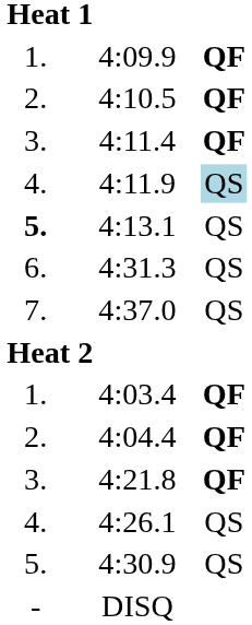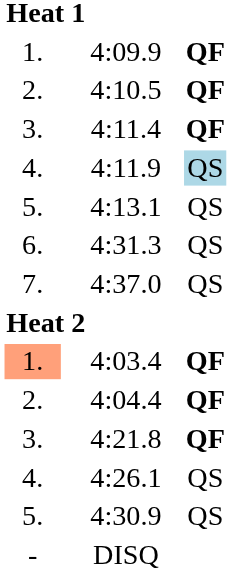 <table style="text-align:center">
 <tr>
 <td colspan=4 align=left><strong>Heat 1</strong></td>
 </tr>
 <tr>
 <td width=30>1.</td>
 <td align=left></td>
 <td width=60>4:09.9</td>
 <td><strong>QF</strong></td>
 </tr>
 <tr>
 <td>2.</td>
 <td align=left></td>
 <td>4:10.5</td>
 <td><strong>QF</strong></td>
 </tr>
 <tr>
 <td>3.</td>
 <td align=left></td>
 <td>4:11.4</td>
 <td><strong>QF</strong></td>
 </tr>
 <tr>
 <td>4.</td>
 <td align=left></td>
 <td>4:11.9</td>
 <td style="background: lightblue;">QS</td>
 </tr>
 <tr>
-<td><strong>5.</strong></td>
+<td>5.</td>
 <td align=left></td>
 <td>4:13.1</td>
 <td>QS</td>
 </tr>
 <tr>
 <td>6.</td>
 <td align=left></td>
 <td>4:31.3</td>
 <td>QS</td>
 </tr>
 <tr>
 <td>7.</td>
 <td align=left></td>
 <td>4:37.0</td>
 <td>QS</td>
 </tr>
 <tr>
 <td colspan=4 align=left><strong>Heat 2</strong></td>
 </tr>
 <tr>
-<td>1.</td>
+<td style="background: lightsalmon;">1.</td>
 <td align=left></td>
 <td>4:03.4</td>
 <td><strong>QF</strong></td>
 </tr>
 <tr>
 <td>2.</td>
 <td align=left></td>
 <td>4:04.4</td>
 <td><strong>QF</strong></td>
 </tr>
 <tr>
 <td>3.</td>
 <td align=left></td>
 <td>4:21.8</td>
 <td><strong>QF</strong></td>
 </tr>
 <tr>
 <td>4.</td>
 <td align=left></td>
 <td>4:26.1</td>
 <td>QS</td>
 </tr>
 <tr>
 <td>5.</td>
 <td align=left></td>
 <td>4:30.9</td>
 <td>QS</td>
 </tr>
 <tr>
 <td>-</td>
 <td align=left></td>
 <td>DISQ</td>
 <td></td>
 </tr>
 </table>
